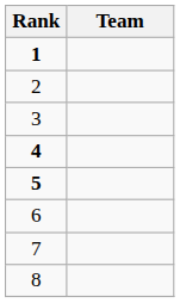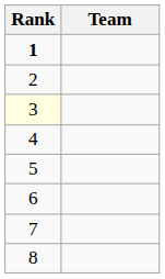 <table class="wikitable sortable" style="text-align:center" cellpadding=2 cellspacing=2 width =15%>
 <tr>
 <th style="width:3em">Rank</th>
 <th style="width:10em">Team</th>
 </tr>
 <tr>
 <td><strong>1</strong></td>
 <td><strong><a href='#'></a></strong></td>
 </tr>
 <tr>
 <td>2</td>
 <td><strong><a href='#'></a></strong></td>
 </tr>
 <tr>
-<td>3</td>
+<td style="background: lightyellow;">3</td>
 <td><strong><a href='#'></a></strong></td>
 </tr>
 <tr>
-<td><strong>4</strong></td>
+<td>4</td>
 <td><strong><a href='#'></a></strong></td>
 </tr>
 <tr>
-<td><strong>5</strong></td>
+<td>5</td>
 <td><strong><a href='#'></a></strong></td>
 </tr>
 <tr>
 <td>6</td>
 <td><strong><a href='#'></a></strong></td>
 </tr>
 <tr>
 <td>7</td>
 <td><strong><a href='#'></a></strong></td>
 </tr>
 <tr>
 <td>8</td>
 <td><strong><a href='#'></a></strong></td>
 </tr>
 <tr>
 </tr>
 </table>
